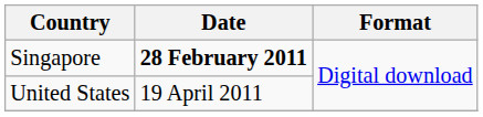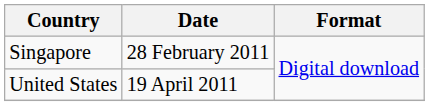 <table class="wikitable plainrowheaders">
 <tr>
 <th scope="col">Country</th>
 <th scope="col">Date</th>
 <th scope="col">Format</th>
 </tr>
 <tr>
 <td>Singapore</td>
-<td><strong>28 February 2011</strong></td>
+<td>28 February 2011</td>
 <td rowspan=2><a href='#'>Digital download</a></td>
 </tr>
 <tr>
 <td>United States</td>
 <td>19 April 2011</td>
 </tr>
 <tr>
 </tr>
 </table>
